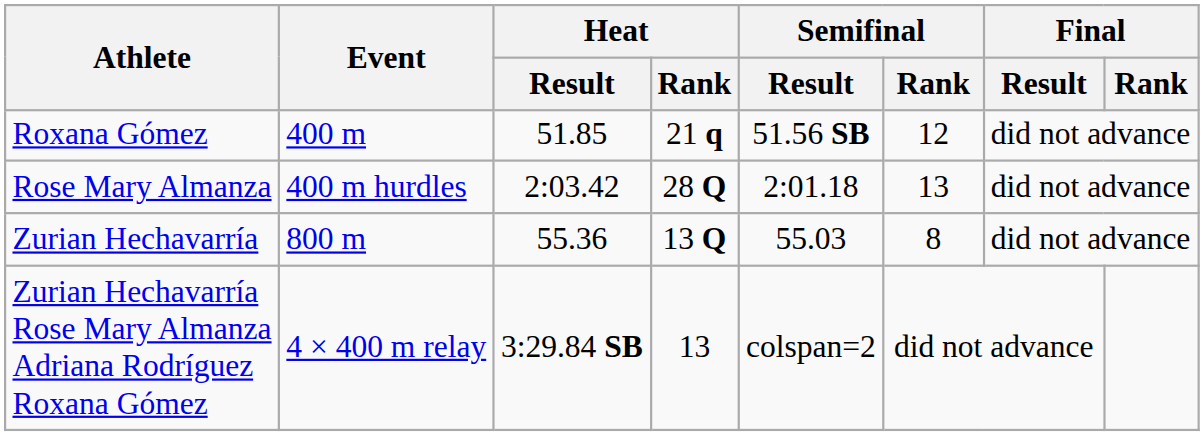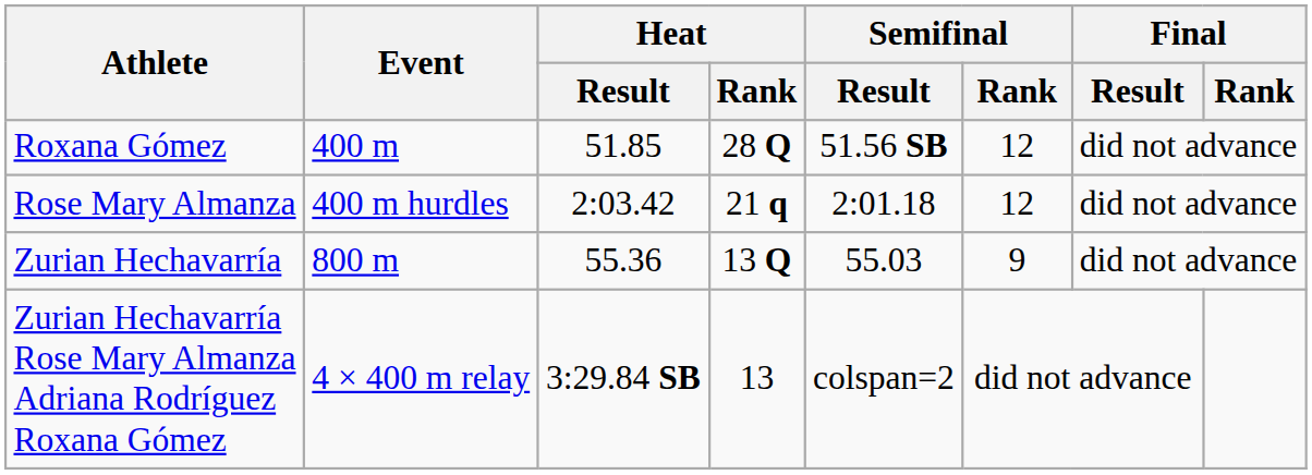 <table class="wikitable"  style=font-size:90%>
 <tr>
 <th rowspan="2">Athlete</th>
 <th rowspan="2">Event</th>
 <th colspan="2">Heat</th>
 <th colspan="2">Semifinal</th>
 <th colspan="2">Final</th>
 </tr>
 <tr>
 <th>Result</th>
 <th>Rank</th>
 <th>Result</th>
 <th>Rank</th>
 <th>Result</th>
 <th>Rank</th>
 </tr>
 <tr style=text-align:center>
 <td style=text-align:left><a href='#'>Roxana Gómez</a></td>
 <td style=text-align:left><a href='#'>400 m</a></td>
 <td>51.85</td>
-<td>21 <strong>q</strong></td>
+<td>28 <strong>Q</strong></td>
 <td>51.56 <strong>SB</strong></td>
 <td>12</td>
 <td colspan=2>did not advance</td>
 </tr>
 <tr style=text-align:center>
 <td style=text-align:left><a href='#'>Rose Mary Almanza</a></td>
 <td style=text-align:left><a href='#'>400 m hurdles</a></td>
 <td>2:03.42</td>
-<td>28 <strong>Q</strong></td>
+<td>21 <strong>q</strong></td>
 <td>2:01.18</td>
-<td>13</td>
+<td>12</td>
 <td colspan=2>did not advance</td>
 </tr>
 <tr style=text-align:center>
 <td style=text-align:left><a href='#'>Zurian Hechavarría</a></td>
 <td style=text-align:left><a href='#'>800 m</a></td>
 <td>55.36</td>
 <td>13 <strong>Q</strong></td>
 <td>55.03</td>
-<td>8</td>
+<td>9</td>
 <td colspan=2>did not advance</td>
 </tr>
 <tr style=text-align:center>
 <td style=text-align:left><a href='#'>Zurian Hechavarría</a> <br> <a href='#'>Rose Mary Almanza</a><br> <a href='#'>Adriana Rodríguez</a><br> <a href='#'>Roxana Gómez</a></td>
 <td style=text-align:left><a href='#'>4 × 400 m relay</a></td>
 <td>3:29.84 <strong>SB</strong></td>
 <td>13</td>
 <td>colspan=2</td>
 <td colspan=2>did not advance</td>
 </tr>
 </table>
